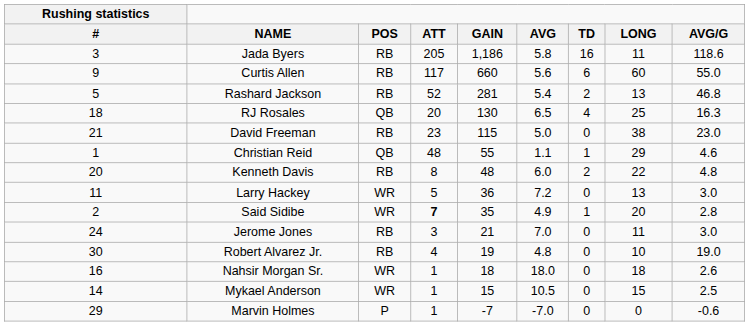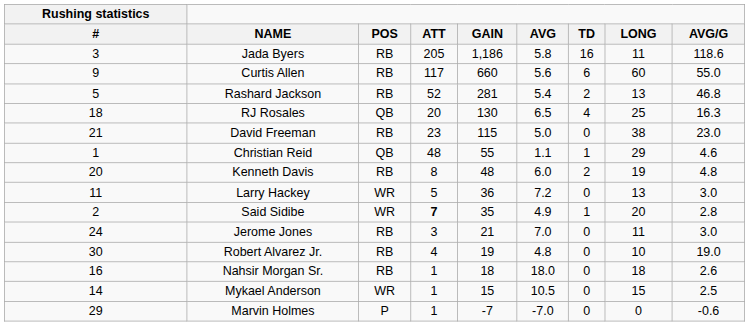 <table style="width:60%; text-align:center;" class="wikitable collapsible collapsed">
 <tr>
 <th style="text-align:center; ">Rushing statistics</th>
 </tr>
 <tr>
 <th>#</th>
 <th>NAME</th>
 <th>POS</th>
 <th>ATT</th>
 <th>GAIN</th>
 <th>AVG</th>
 <th>TD</th>
 <th>LONG</th>
 <th>AVG/G</th>
 </tr>
 <tr>
 <td>3</td>
 <td>Jada Byers</td>
 <td>RB</td>
 <td>205</td>
 <td>1,186</td>
 <td>5.8</td>
 <td>16</td>
 <td>11</td>
 <td>118.6</td>
 </tr>
 <tr>
 <td>9</td>
 <td>Curtis Allen</td>
 <td>RB</td>
 <td>117</td>
 <td>660</td>
 <td>5.6</td>
 <td>6</td>
 <td>60</td>
 <td>55.0</td>
 </tr>
 <tr>
 <td>5</td>
 <td>Rashard Jackson</td>
 <td>RB</td>
 <td>52</td>
 <td>281</td>
 <td>5.4</td>
 <td>2</td>
 <td>13</td>
 <td>46.8</td>
 </tr>
 <tr>
 <td>18</td>
 <td>RJ Rosales</td>
 <td>QB</td>
 <td>20</td>
 <td>130</td>
 <td>6.5</td>
 <td>4</td>
 <td>25</td>
 <td>16.3</td>
 </tr>
 <tr>
 <td>21</td>
 <td>David Freeman</td>
 <td>RB</td>
 <td>23</td>
 <td>115</td>
 <td>5.0</td>
 <td>0</td>
 <td>38</td>
 <td>23.0</td>
 </tr>
 <tr>
 <td>1</td>
 <td>Christian Reid</td>
 <td>QB</td>
 <td>48</td>
 <td>55</td>
 <td>1.1</td>
 <td>1</td>
 <td>29</td>
 <td>4.6</td>
 </tr>
 <tr>
 <td>20</td>
 <td>Kenneth Davis</td>
 <td>RB</td>
 <td>8</td>
 <td>48</td>
 <td>6.0</td>
 <td>2</td>
-<td>22</td>
+<td>19</td>
 <td>4.8</td>
 </tr>
 <tr>
 <td>11</td>
 <td>Larry Hackey</td>
 <td>WR</td>
 <td>5</td>
 <td>36</td>
 <td>7.2</td>
 <td>0</td>
 <td>13</td>
 <td>3.0</td>
 </tr>
 <tr>
 <td>2</td>
 <td>Said Sidibe</td>
 <td>WR</td>
 <td><strong>7</strong></td>
 <td>35</td>
 <td>4.9</td>
 <td>1</td>
 <td>20</td>
 <td>2.8</td>
 </tr>
 <tr>
 <td>24</td>
 <td>Jerome Jones</td>
 <td>RB</td>
 <td>3</td>
 <td>21</td>
 <td>7.0</td>
 <td>0</td>
 <td>11</td>
 <td>3.0</td>
 </tr>
 <tr>
 <td>30</td>
 <td>Robert Alvarez Jr.</td>
 <td>RB</td>
 <td>4</td>
 <td>19</td>
 <td>4.8</td>
 <td>0</td>
 <td>10</td>
 <td>19.0</td>
 </tr>
 <tr>
 <td>16</td>
 <td>Nahsir Morgan Sr.</td>
-<td>WR</td>
+<td>RB</td>
 <td>1</td>
 <td>18</td>
 <td>18.0</td>
 <td>0</td>
 <td>18</td>
 <td>2.6</td>
 </tr>
 <tr>
 <td>14</td>
 <td>Mykael Anderson</td>
 <td>WR</td>
 <td>1</td>
 <td>15</td>
 <td>10.5</td>
 <td>0</td>
 <td>15</td>
 <td>2.5</td>
 </tr>
 <tr>
 <td>29</td>
 <td>Marvin Holmes</td>
 <td>P</td>
 <td>1</td>
 <td>-7</td>
 <td>-7.0</td>
 <td>0</td>
 <td>0</td>
 <td>-0.6</td>
 </tr>
 </table>
